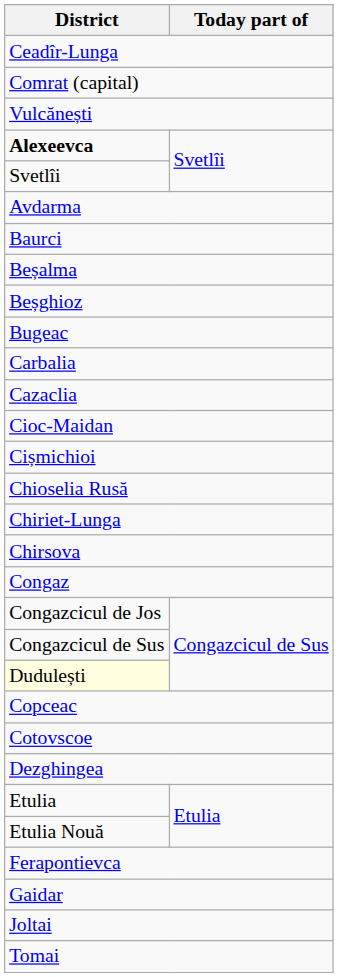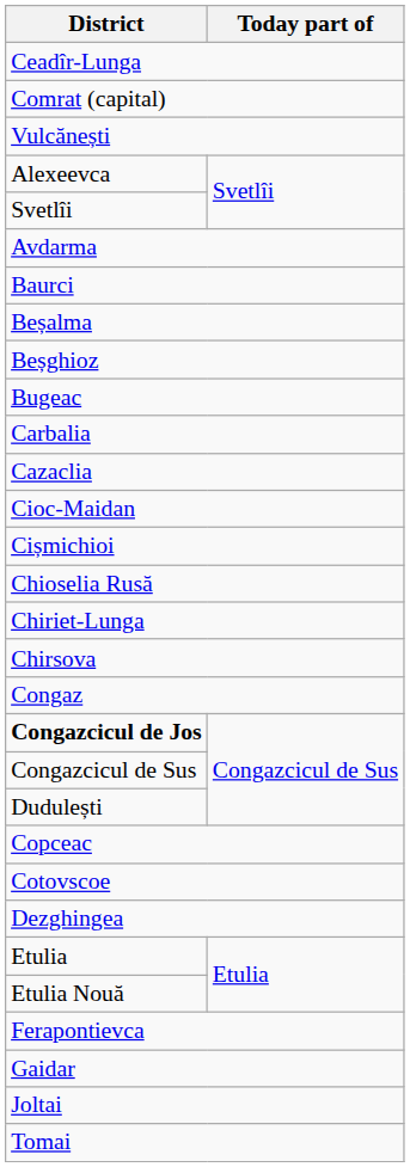 <table class="wikitable sortable">
 <tr>
 <th>District</th>
 <th>Today part of</th>
 </tr>
 <tr>
 <td colspan="2"><a href='#'>Ceadîr-Lunga</a></td>
 </tr>
 <tr>
 <td colspan="2"><a href='#'>Comrat</a> (capital)</td>
 </tr>
 <tr>
 <td colspan="2"><a href='#'>Vulcănești</a></td>
 </tr>
 <tr>
-<td><strong>Alexeevca</strong></td>
+<td>Alexeevca</td>
 <td rowspan="2"><a href='#'>Svetlîi</a></td>
 </tr>
 <tr>
 <td>Svetlîi</td>
 </tr>
 <tr>
 <td colspan="2"><a href='#'>Avdarma</a></td>
 </tr>
 <tr>
 <td colspan="2"><a href='#'>Baurci</a></td>
 </tr>
 <tr>
 <td colspan="2"><a href='#'>Beșalma</a></td>
 </tr>
 <tr>
 <td colspan="2"><a href='#'>Beșghioz</a></td>
 </tr>
 <tr>
 <td colspan="2"><a href='#'>Bugeac</a></td>
 </tr>
 <tr>
 <td colspan="2"><a href='#'>Carbalia</a></td>
 </tr>
 <tr>
 <td colspan="2"><a href='#'>Cazaclia</a></td>
 </tr>
 <tr>
 <td colspan="2"><a href='#'>Cioc-Maidan</a></td>
 </tr>
 <tr>
 <td colspan="2"><a href='#'>Cișmichioi</a></td>
 </tr>
 <tr>
 <td colspan="2"><a href='#'>Chioselia Rusă</a></td>
 </tr>
 <tr>
 <td colspan="2"><a href='#'>Chiriet-Lunga</a></td>
 </tr>
 <tr>
 <td colspan="2"><a href='#'>Chirsova</a></td>
 </tr>
 <tr>
 <td colspan="2"><a href='#'>Congaz</a></td>
 </tr>
 <tr>
-<td>Congazcicul de Jos</td>
+<td><strong>Congazcicul de Jos</strong></td>
 <td rowspan="3"><a href='#'>Congazcicul de Sus</a></td>
 </tr>
 <tr>
 <td>Congazcicul de Sus</td>
 </tr>
 <tr>
-<td style="background: lightyellow;">Dudulești</td>
+<td>Dudulești</td>
 </tr>
 <tr>
 <td colspan="2"><a href='#'>Copceac</a></td>
 </tr>
 <tr>
 <td colspan="2"><a href='#'>Cotovscoe</a></td>
 </tr>
 <tr>
 <td colspan="2"><a href='#'>Dezghingea</a></td>
 </tr>
 <tr>
 <td>Etulia</td>
 <td rowspan="2"><a href='#'>Etulia</a></td>
 </tr>
 <tr>
 <td>Etulia Nouă</td>
 </tr>
 <tr>
 <td colspan="2"><a href='#'>Ferapontievca</a></td>
 </tr>
 <tr>
 <td colspan="2"><a href='#'>Gaidar</a></td>
 </tr>
 <tr>
 <td colspan="2"><a href='#'>Joltai</a></td>
 </tr>
 <tr>
 <td colspan="2"><a href='#'>Tomai</a></td>
 </tr>
 </table>
